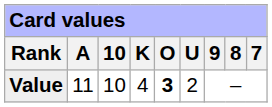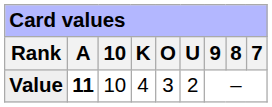 <table class="wikitable" align="float:left"  style="background-color:white">
 <tr style="background-color:#B3B7FF">
 <td colspan="9"><strong>Card values</strong></td>
 </tr>
 <tr>
 <th>Rank</th>
 <th>A</th>
 <th>10</th>
 <th>K</th>
 <th>O</th>
 <th>U</th>
 <th>9</th>
 <th>8</th>
 <th>7</th>
 </tr>
 <tr align="center">
 <td style="background:#efefef;"><strong>Value</strong></td>
-<td>11</td>
+<td><strong>11</strong></td>
 <td>10</td>
 <td>4</td>
-<td><strong>3</strong></td>
+<td>3</td>
 <td>2</td>
 <td colspan=3>–</td>
 </tr>
 </table>
